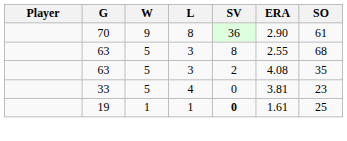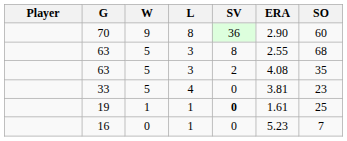 <table class="wikitable sortable">
 <tr>
 <th bgcolor="#DDDDFF" width="16%">Player</th>
 <th bgcolor="#DDDDFF" width="9%">G</th>
 <th bgcolor="#DDDDFF" width="9%">W</th>
 <th bgcolor="#DDDDFF" width="9%">L</th>
 <th bgcolor="#DDDDFF" width="9%">SV</th>
 <th bgcolor="#DDDDFF" width="9%">ERA</th>
 <th bgcolor="#DDDDFF" width="9%">SO</th>
 </tr>
 <tr align="center">
 <td></td>
 <td>70</td>
 <td>9</td>
 <td>8</td>
 <td style="background:#DDFFDD;">36</td>
 <td>2.90</td>
-<td>61</td>
+<td>60</td>
 </tr>
 <tr align="center">
 <td></td>
 <td>63</td>
 <td>5</td>
 <td>3</td>
 <td>8</td>
 <td>2.55</td>
 <td>68</td>
 </tr>
 <tr align="center">
 <td></td>
 <td>63</td>
 <td>5</td>
 <td>3</td>
 <td>2</td>
 <td>4.08</td>
 <td>35</td>
 </tr>
 <tr align="center">
 <td></td>
 <td>33</td>
 <td>5</td>
 <td>4</td>
 <td>0</td>
 <td>3.81</td>
 <td>23</td>
 </tr>
 <tr align="center">
 <td></td>
 <td>19</td>
 <td>1</td>
 <td>1</td>
 <td><strong>0</strong></td>
 <td>1.61</td>
 <td>25</td>
 </tr>
+<tr align="center">
+<td></td>
+<td>16</td>
+<td>0</td>
+<td>1</td>
+<td>0</td>
+<td>5.23</td>
+<td>7</td>
+</tr>
 </table>
